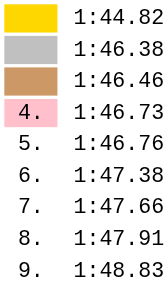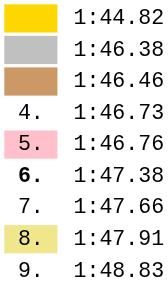 <table style="text-align:center">
 <tr>
 <td width=30 bgcolor=gold></td>
 <td align=left></td>
 <td width=60>1:44.82</td>
 </tr>
 <tr>
 <td bgcolor=silver></td>
 <td align=left></td>
 <td>1:46.38</td>
 </tr>
 <tr>
 <td bgcolor=cc9966></td>
 <td align=left></td>
 <td>1:46.46</td>
 </tr>
 <tr>
-<td style="background: pink;">4.</td>
+<td>4.</td>
 <td align=left></td>
 <td>1:46.73</td>
 </tr>
 <tr>
-<td>5.</td>
+<td style="background: pink;">5.</td>
 <td align=left></td>
 <td>1:46.76</td>
 </tr>
 <tr>
-<td>6.</td>
+<td><strong>6.</strong></td>
 <td align=left></td>
 <td>1:47.38</td>
 </tr>
 <tr>
 <td>7.</td>
 <td align=left></td>
 <td>1:47.66</td>
 </tr>
 <tr>
-<td>8.</td>
+<td style="background: khaki;">8.</td>
 <td align=left></td>
 <td>1:47.91</td>
 </tr>
 <tr>
 <td>9.</td>
 <td align=left></td>
 <td>1:48.83</td>
 </tr>
 </table>
